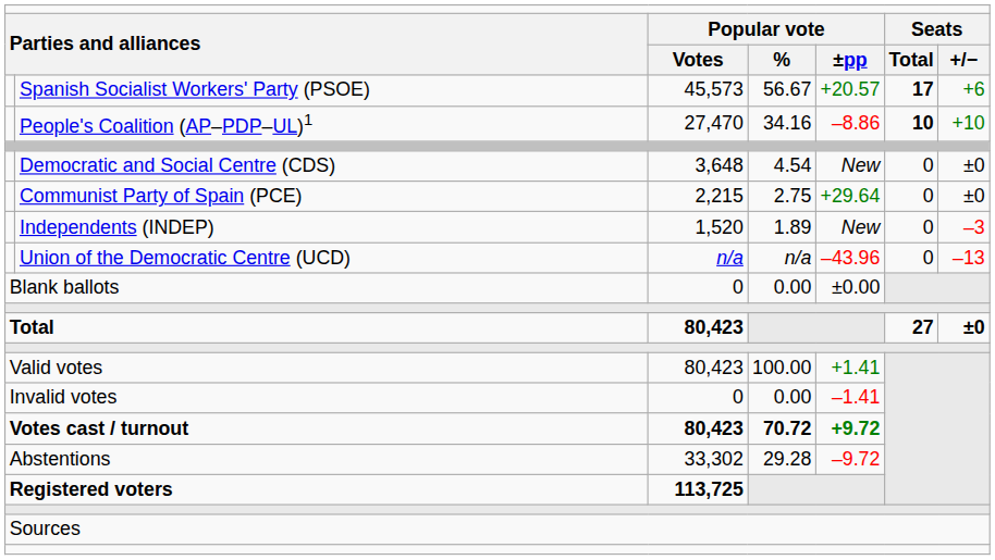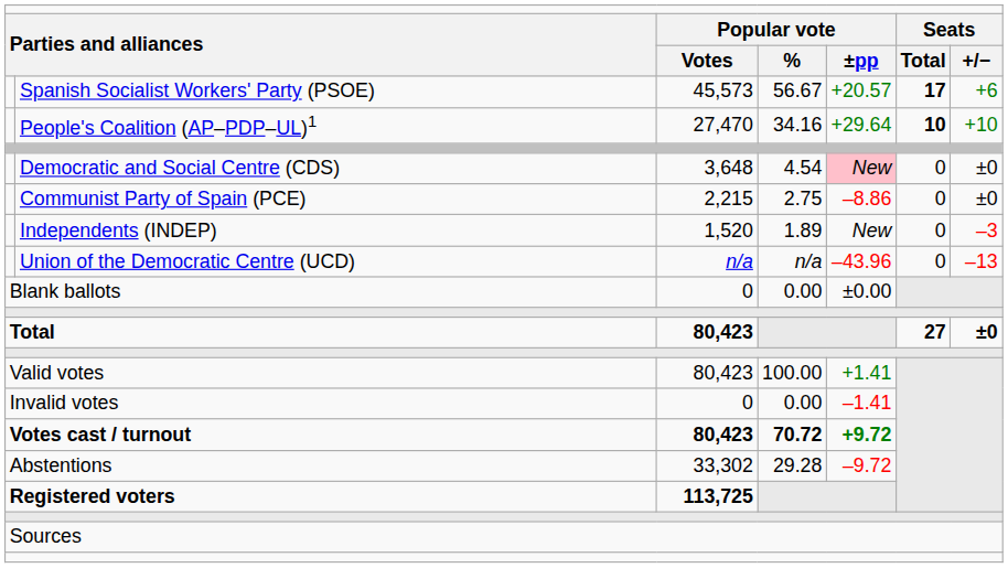 <table class="wikitable" style="text-align:right;">
 <tr>
 <td colspan="7"></td>
 </tr>
 <tr>
 <th style="text-align:left;" rowspan="2" colspan="2" width="525">Parties and alliances</th>
 <th colspan="3">Popular vote</th>
 <th colspan="2">Seats</th>
 </tr>
 <tr>
 <th width="75">Votes</th>
 <th width="45">%</th>
 <th width="45">±<a href='#'>pp</a></th>
 <th width="35">Total</th>
 <th width="35">+/−</th>
 </tr>
 <tr>
 <td width="1" style="color:inherit;background:"></td>
 <td align="left"><a href='#'>Spanish Socialist Workers' Party</a> (PSOE)</td>
 <td>45,573</td>
 <td>56.67</td>
 <td style="color:green;">+20.57</td>
 <td><strong>17</strong></td>
 <td style="color:green;">+6</td>
 </tr>
 <tr>
 <td style="color:inherit;background:"></td>
 <td align="left"><a href='#'>People's Coalition</a> (<a href='#'>AP</a>–<a href='#'>PDP</a>–<a href='#'>UL</a>)<sup>1</sup></td>
 <td>27,470</td>
 <td>34.16</td>
-<td style="color:red;">–8.86</td>
+<td style="color:green;">+29.64</td>
 <td><strong>10</strong></td>
 <td style="color:green;">+10</td>
 </tr>
 <tr>
 <td colspan="7" bgcolor="#C0C0C0"></td>
 </tr>
 <tr>
 <td style="color:inherit;background:"></td>
 <td align="left"><a href='#'>Democratic and Social Centre</a> (CDS)</td>
 <td>3,648</td>
 <td>4.54</td>
-<td><em>New</em></td>
+<td style="background: pink;"><em>New</em></td>
 <td>0</td>
 <td>±0</td>
 </tr>
 <tr>
 <td style="color:inherit;background:"></td>
 <td align="left"><a href='#'>Communist Party of Spain</a> (PCE)</td>
 <td>2,215</td>
 <td>2.75</td>
-<td style="color:green;">+29.64</td>
+<td style="color:red;">–8.86</td>
 <td>0</td>
 <td>±0</td>
 </tr>
 <tr>
 <td style="color:inherit;background:"></td>
 <td align="left"><a href='#'>Independents</a> (INDEP)</td>
 <td>1,520</td>
 <td>1.89</td>
 <td><em>New</em></td>
 <td>0</td>
 <td style="color:red;">–3</td>
 </tr>
 <tr>
 <td style="color:inherit;background:"></td>
 <td align="left"><a href='#'>Union of the Democratic Centre</a> (UCD)</td>
 <td><em><a href='#'>n/a</a></em></td>
 <td><em>n/a</em></td>
 <td style="color:red;">–43.96</td>
 <td>0</td>
 <td style="color:red;">–13</td>
 </tr>
 <tr>
 <td align="left" colspan="2">Blank ballots</td>
 <td>0</td>
 <td>0.00</td>
 <td>±0.00</td>
 <td bgcolor="#E9E9E9" colspan="2"></td>
 </tr>
 <tr>
 <td colspan="7" bgcolor="#E9E9E9"></td>
 </tr>
 <tr style="font-weight:bold;">
 <td align="left" colspan="2">Total</td>
 <td>80,423</td>
 <td bgcolor="#E9E9E9" colspan="2"></td>
 <td>27</td>
 <td>±0</td>
 </tr>
 <tr>
 <td colspan="7" bgcolor="#E9E9E9"></td>
 </tr>
 <tr>
 <td align="left" colspan="2">Valid votes</td>
 <td>80,423</td>
 <td>100.00</td>
 <td style="color:green;">+1.41</td>
 <td bgcolor="#E9E9E9" colspan="2" rowspan="5"></td>
 </tr>
 <tr>
 <td align="left" colspan="2">Invalid votes</td>
 <td>0</td>
 <td>0.00</td>
 <td style="color:red;">–1.41</td>
 </tr>
 <tr style="font-weight:bold;">
 <td align="left" colspan="2">Votes cast / turnout</td>
 <td>80,423</td>
 <td>70.72</td>
 <td style="color:green;">+9.72</td>
 </tr>
 <tr>
 <td align="left" colspan="2">Abstentions</td>
 <td>33,302</td>
 <td>29.28</td>
 <td style="color:red;">–9.72</td>
 </tr>
 <tr style="font-weight:bold;">
 <td align="left" colspan="2">Registered voters</td>
 <td>113,725</td>
 <td bgcolor="#E9E9E9" colspan="2"></td>
 </tr>
 <tr>
 <td colspan="7" bgcolor="#E9E9E9"></td>
 </tr>
 <tr>
 <td align="left" colspan="7">Sources</td>
 </tr>
 <tr>
 <td colspan="7" style="text-align:left; max-width:790px;"></td>
 </tr>
 </table>
